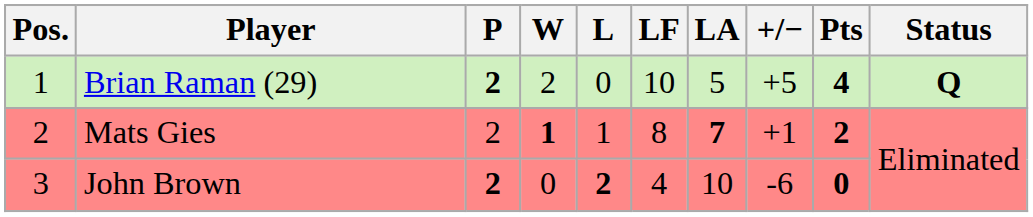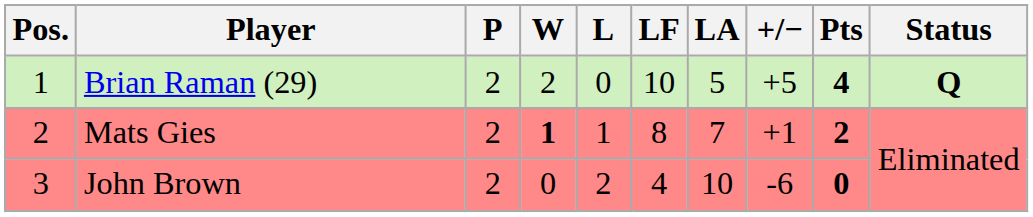 <table class="wikitable" style="text-align:center; margin: 1em auto 1em auto, align:left">
 <tr>
 <th width=20>Pos.</th>
 <th width=185>Player</th>
 <th width=20>P</th>
 <th width=20>W</th>
 <th width=20>L</th>
 <th width=20>LF</th>
 <th width=20>LA</th>
 <th width=25>+/−</th>
 <th width=20>Pts</th>
 <th width=70>Status</th>
 </tr>
 <tr style="background:#D0F0C0;">
 <td>1</td>
 <td align=left> <a href='#'>Brian Raman</a> (29)</td>
-<td><strong>2</strong></td>
+<td>2</td>
 <td>2</td>
 <td>0</td>
 <td>10</td>
 <td>5</td>
 <td>+5</td>
 <td><strong>4</strong></td>
 <td rowspan=1><strong>Q</strong></td>
 </tr>
 <tr style="background:#FF8888;">
 <td>2</td>
 <td align=left> Mats Gies</td>
 <td>2</td>
 <td><strong>1</strong></td>
 <td>1</td>
 <td>8</td>
-<td><strong>7</strong></td>
+<td>7</td>
 <td>+1</td>
 <td><strong>2</strong></td>
 <td rowspan=2>Eliminated</td>
 </tr>
 <tr style="background:#FF8888;">
 <td>3</td>
 <td align=left> John Brown</td>
-<td><strong>2</strong></td>
+<td>2</td>
 <td>0</td>
-<td><strong>2</strong></td>
+<td>2</td>
 <td>4</td>
 <td>10</td>
 <td>-6</td>
 <td><strong>0</strong></td>
 </tr>
 </table>
